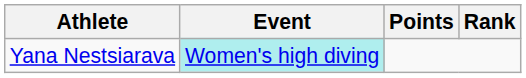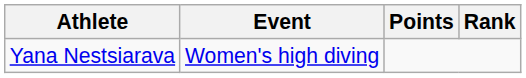 <table class=wikitable style="font-size:90%;">
 <tr>
 <th>Athlete</th>
 <th>Event</th>
 <th>Points</th>
 <th>Rank</th>
 </tr>
 <tr align=center>
 <td align=left><a href='#'>Yana Nestsiarava</a></td>
-<td align=left style="background: paleturquoise;"><a href='#'>Women's high diving</a></td>
+<td align=left><a href='#'>Women's high diving</a></td>
 <td colspan=2></td>
 </tr>
 </table>
